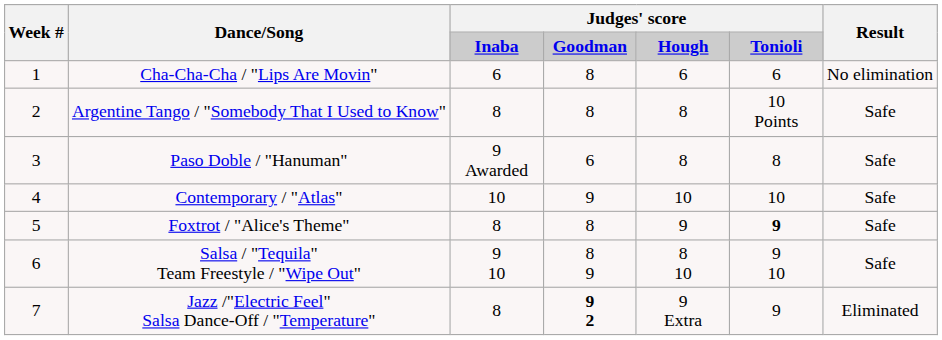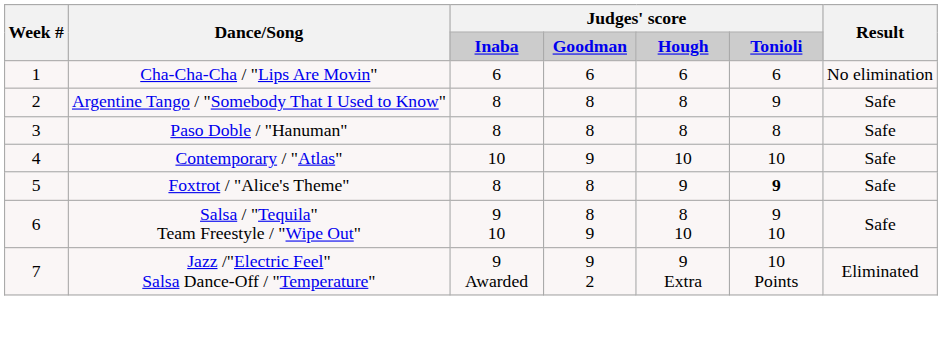 <table class="wikitable collapsible collapsed">
 <tr style="text-align: center; background:#ccc;">
 <th rowspan="2">Week #</th>
 <th rowspan="2">Dance/Song</th>
 <th colspan="4">Judges' score</th>
 <th rowspan="2">Result</th>
 </tr>
 <tr style="text-align: center; background:#ccc;">
 <td style="width:10%; "><strong><a href='#'>Inaba</a></strong></td>
 <td style="width:10%; "><strong><a href='#'>Goodman</a></strong></td>
 <td style="width:10%; "><strong><a href='#'>Hough</a></strong></td>
 <td style="width:10%; "><strong><a href='#'>Tonioli</a></strong></td>
 </tr>
 <tr style="text-align: center; background:#faf6f6;">
 <td>1</td>
 <td><a href='#'>Cha-Cha-Cha</a> / "<a href='#'>Lips Are Movin</a>"</td>
 <td>6</td>
-<td>8</td>
+<td>6</td>
 <td>6</td>
 <td>6</td>
 <td>No elimination</td>
 </tr>
 <tr style="text-align:center; background:#faf6f6;">
 <td>2</td>
 <td><a href='#'>Argentine Tango</a> / "<a href='#'>Somebody That I Used to Know</a>"</td>
 <td>8</td>
 <td>8</td>
 <td>8</td>
-<td>10<br>Points</td>
+<td>9</td>
 <td>Safe</td>
 </tr>
 <tr style="text-align:center; background:#faf6f6;">
 <td>3</td>
 <td><a href='#'>Paso Doble</a> / "Hanuman"</td>
-<td>9<br>Awarded</td>
-<td>6</td>
+<td>8</td>
+<td>8</td>
 <td>8</td>
 <td>8</td>
 <td>Safe</td>
 </tr>
 <tr style="text-align:center; background:#faf6f6;">
 <td>4</td>
 <td><a href='#'>Contemporary</a> / "<a href='#'>Atlas</a>"</td>
 <td>10</td>
 <td>9</td>
 <td>10</td>
 <td>10</td>
 <td>Safe</td>
 </tr>
 <tr style="text-align:center; background:#faf6f6;">
 <td>5</td>
 <td><a href='#'>Foxtrot</a> / "Alice's Theme"</td>
 <td>8</td>
 <td>8</td>
 <td>9</td>
 <td><strong>9</strong></td>
 <td>Safe</td>
 </tr>
 <tr style="text-align:center; background:#faf6f6">
 <td>6</td>
 <td><a href='#'>Salsa</a> / "<a href='#'>Tequila</a>" <br> Team Freestyle / "<a href='#'>Wipe Out</a>"</td>
 <td>9 <br> 10</td>
 <td>8 <br> 9</td>
 <td>8 <br> 10</td>
 <td>9 <br> 10</td>
 <td>Safe</td>
 </tr>
 <tr style="text-align:center; background:#faf6f6">
 <td>7</td>
 <td><a href='#'>Jazz</a> /"<a href='#'>Electric Feel</a>" <br> <a href='#'>Salsa</a> Dance-Off / "<a href='#'>Temperature</a>"</td>
-<td>8</td>
-<td><strong>9<br>2</strong></td>
+<td>9<br>Awarded</td>
+<td>9<br>2</td>
 <td>9<br>Extra</td>
-<td>9</td>
+<td>10<br>Points</td>
 <td>Eliminated</td>
 </tr>
 </table>
